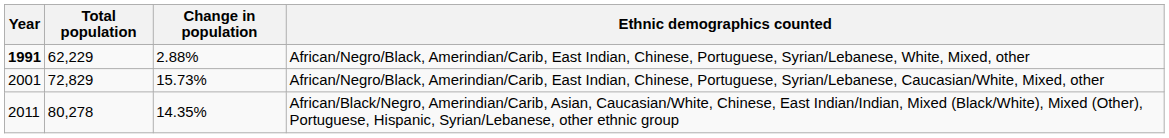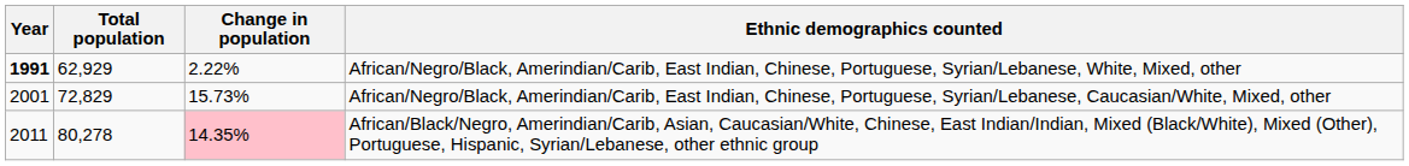 <table class="wikitable sortable">
 <tr>
 <th>Year</th>
 <th>Total population</th>
 <th>Change in population</th>
 <th>Ethnic demographics counted</th>
 </tr>
 <tr>
 <td><strong>1991</strong></td>
-<td>62,229</td>
-<td> 2.88%</td>
+<td>62,929</td>
+<td> 2.22%</td>
 <td>African/Negro/Black, Amerindian/Carib, East Indian, Chinese, Portuguese, Syrian/Lebanese, White, Mixed, other</td>
 </tr>
 <tr>
 <td>2001</td>
 <td>72,829</td>
 <td> 15.73%</td>
 <td>African/Negro/Black, Amerindian/Carib, East Indian, Chinese, Portuguese, Syrian/Lebanese, Caucasian/White, Mixed, other</td>
 </tr>
 <tr>
 <td>2011</td>
 <td>80,278</td>
-<td> 14.35%</td>
+<td style="background: pink;"> 14.35%</td>
 <td>African/Black/Negro, Amerindian/Carib, Asian, Caucasian/White, Chinese, East Indian/Indian, Mixed (Black/White), Mixed (Other), Portuguese, Hispanic, Syrian/Lebanese, other ethnic group</td>
 </tr>
 </table>
